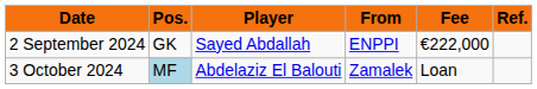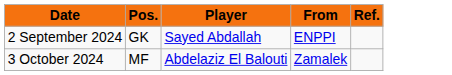 <table class="wikitable plainrowheaders sortable">
 <tr>
 <th style="background:#f5720f; color:#000000; ">Date</th>
 <th style="background:#f5720f; color:#000000; ">Pos.</th>
 <th style="background:#f5720f; color:#000000; ">Player</th>
 <th style="background:#f5720f; color:#000000; ">From</th>
-<th style="background:#f5720f; color:#000000; ">Fee</th>
 <th style="background:#f5720f; color:#000000; ">Ref.</th>
 </tr>
 <tr>
 <td>2 September 2024</td>
 <td>GK</td>
 <td> <a href='#'>Sayed Abdallah</a></td>
 <td> <a href='#'>ENPPI</a></td>
-<td>€222,000</td>
 <td></td>
 </tr>
 <tr>
 <td>3 October 2024</td>
-<td style="background: lightblue;">MF</td>
+<td>MF</td>
 <td> <a href='#'>Abdelaziz El Balouti</a></td>
 <td> <a href='#'>Zamalek</a></td>
-<td>Loan</td>
 <td></td>
 </tr>
 </table>
